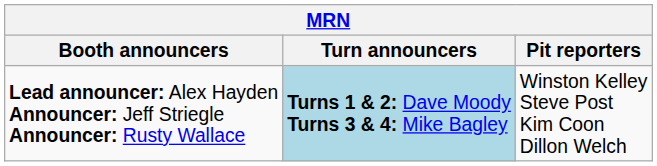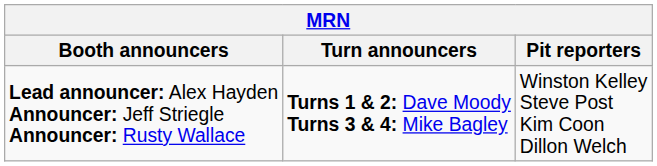 <table class="wikitable" style="font-size: 95%">
 <tr>
 <th colspan="3"><a href='#'>MRN</a></th>
 </tr>
 <tr>
 <th>Booth announcers</th>
 <th>Turn announcers</th>
 <th>Pit reporters</th>
 </tr>
 <tr>
 <td><strong>Lead announcer:</strong> Alex Hayden<br><strong>Announcer:</strong> Jeff Striegle<br><strong>Announcer:</strong> <a href='#'>Rusty Wallace</a></td>
-<td style="background: lightblue;"><strong>Turns 1 & 2:</strong> <a href='#'>Dave Moody</a><br><strong>Turns 3 & 4:</strong> <a href='#'>Mike Bagley</a></td>
+<td><strong>Turns 1 & 2:</strong> <a href='#'>Dave Moody</a><br><strong>Turns 3 & 4:</strong> <a href='#'>Mike Bagley</a></td>
 <td>Winston Kelley<br>Steve Post<br>Kim Coon<br>Dillon Welch</td>
 </tr>
 </table>
